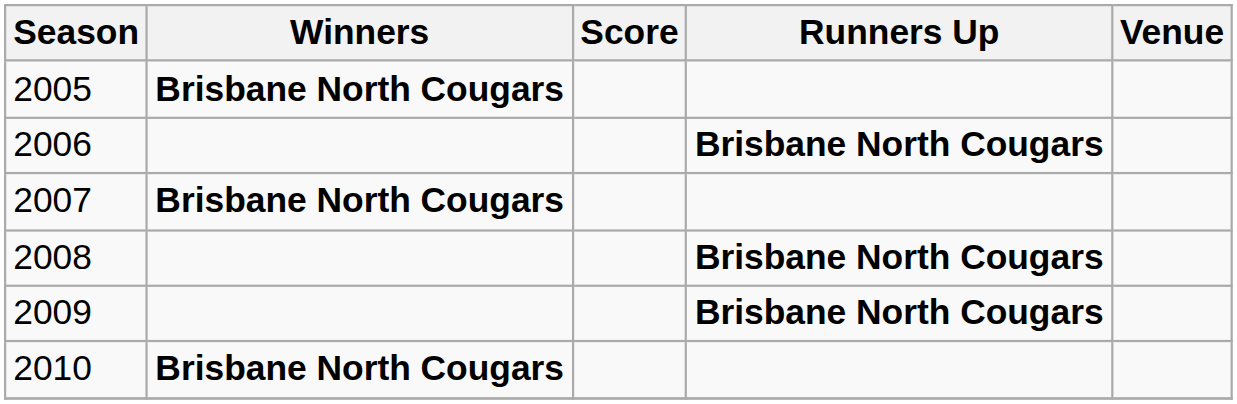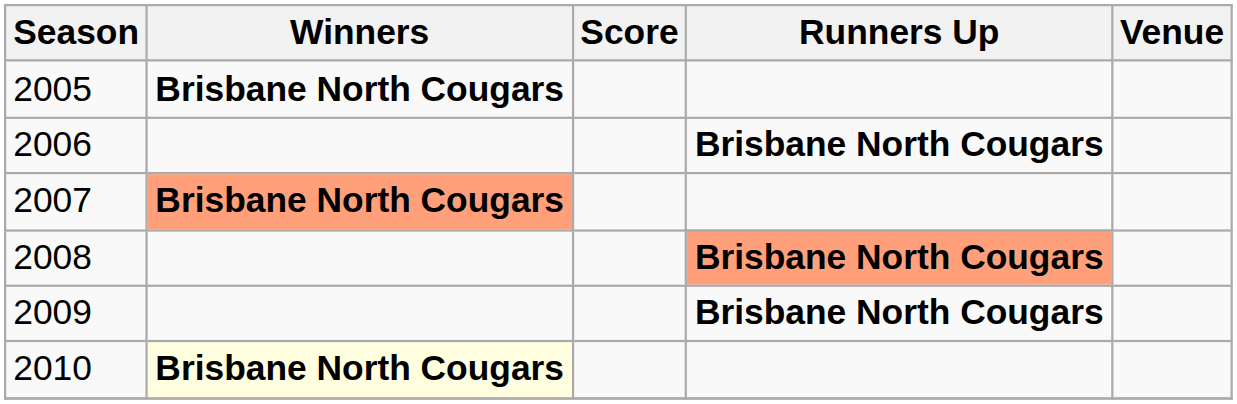 <table class="wikitable collapsible">
 <tr>
 <th>Season</th>
 <th>Winners</th>
 <th>Score</th>
 <th>Runners Up</th>
 <th>Venue</th>
 </tr>
 <tr>
 <td>2005</td>
 <td><strong>Brisbane North Cougars</strong></td>
 <td></td>
 <td></td>
 <td></td>
 </tr>
 <tr>
 <td>2006</td>
 <td></td>
 <td></td>
 <td><strong>Brisbane North Cougars</strong></td>
 <td></td>
 </tr>
 <tr>
 <td>2007</td>
-<td><strong>Brisbane North Cougars</strong></td>
+<td style="background: lightsalmon;"><strong>Brisbane North Cougars</strong></td>
 <td></td>
 <td></td>
 </tr>
 <tr>
 <td>2008</td>
 <td></td>
 <td></td>
-<td><strong>Brisbane North Cougars</strong></td>
+<td style="background: lightsalmon;"><strong>Brisbane North Cougars</strong></td>
 <td></td>
 </tr>
 <tr>
 <td>2009</td>
 <td></td>
 <td></td>
 <td><strong>Brisbane North Cougars</strong></td>
 <td></td>
 </tr>
 <tr>
 <td>2010</td>
-<td><strong>Brisbane North Cougars</strong></td>
+<td style="background: lightyellow;"><strong>Brisbane North Cougars</strong></td>
 <td></td>
 <td></td>
 <td></td>
 </tr>
 <tr>
 </tr>
 </table>
